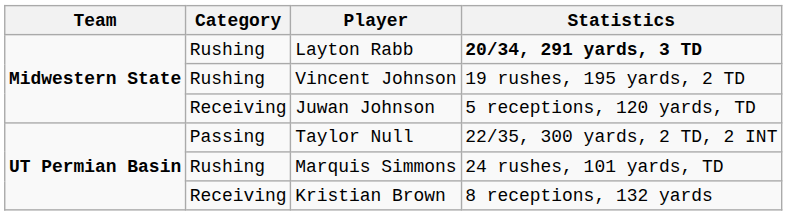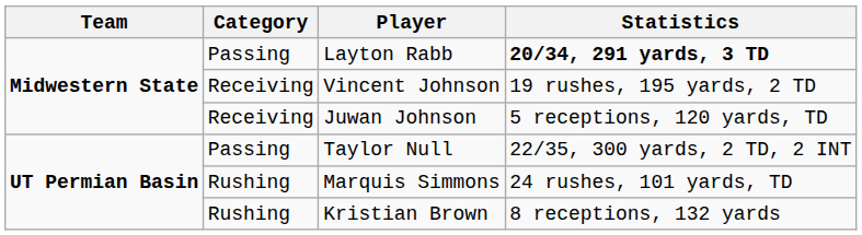 <table class="wikitable" style="float: right;">
 <tr>
 <th>Team</th>
 <th>Category</th>
 <th>Player</th>
 <th>Statistics</th>
 </tr>
 <tr>
 <td rowspan=3><strong>Midwestern State</strong></td>
-<td>Rushing</td>
+<td>Passing</td>
 <td>Layton Rabb</td>
 <td><strong>20/34, 291 yards, 3 TD</strong></td>
 </tr>
 <tr>
-<td>Rushing</td>
+<td>Receiving</td>
 <td>Vincent Johnson</td>
 <td>19 rushes, 195 yards, 2 TD</td>
 </tr>
 <tr>
 <td>Receiving</td>
 <td>Juwan Johnson</td>
 <td>5 receptions, 120 yards, TD</td>
 </tr>
 <tr>
 <td rowspan=3><strong>UT Permian Basin</strong></td>
 <td>Passing</td>
 <td>Taylor Null</td>
 <td>22/35, 300 yards, 2 TD, 2 INT</td>
 </tr>
 <tr>
 <td>Rushing</td>
 <td>Marquis Simmons</td>
 <td>24 rushes, 101 yards, TD</td>
 </tr>
 <tr>
-<td>Receiving</td>
+<td>Rushing</td>
 <td>Kristian Brown</td>
 <td>8 receptions, 132 yards</td>
 </tr>
 </table>
